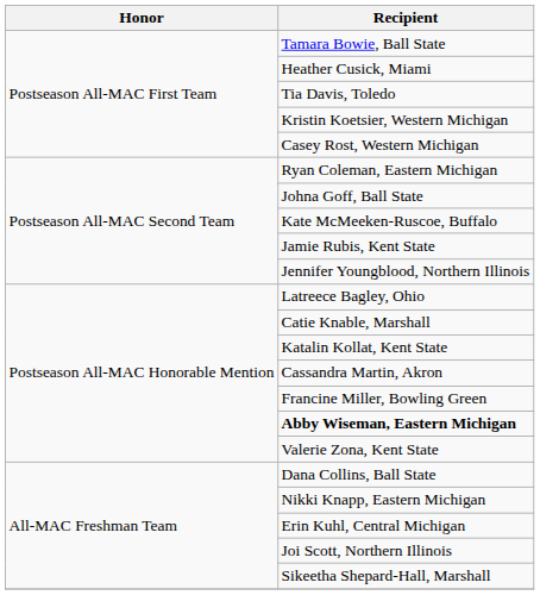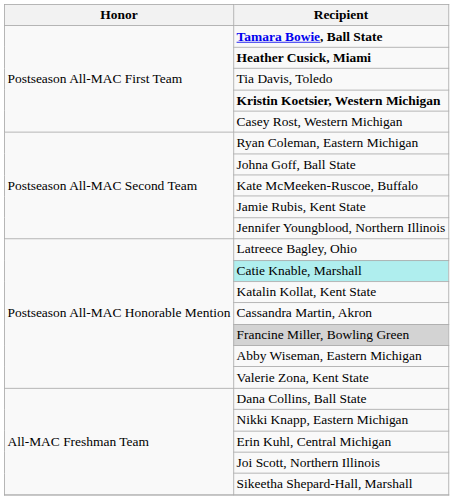 <table class="wikitable" border="1">
 <tr>
 <th>Honor</th>
 <th>Recipient</th>
 </tr>
 <tr>
 <td rowspan=5 valign=middle>Postseason All-MAC First Team</td>
-<td><a href='#'>Tamara Bowie</a>, Ball State</td>
+<td><strong><a href='#'>Tamara Bowie</a>, Ball State</strong></td>
 </tr>
 <tr>
-<td>Heather Cusick, Miami</td>
+<td><strong>Heather Cusick, Miami</strong></td>
 </tr>
 <tr>
 <td>Tia Davis, Toledo</td>
 </tr>
 <tr>
-<td>Kristin Koetsier, Western Michigan</td>
+<td><strong>Kristin Koetsier, Western Michigan</strong></td>
 </tr>
 <tr>
 <td>Casey Rost, Western Michigan</td>
 </tr>
 <tr>
 <td rowspan=5 valign=middle>Postseason All-MAC Second Team</td>
 <td>Ryan Coleman, Eastern Michigan</td>
 </tr>
 <tr>
 <td>Johna Goff, Ball State</td>
 </tr>
 <tr>
 <td>Kate McMeeken-Ruscoe, Buffalo</td>
 </tr>
 <tr>
 <td>Jamie Rubis, Kent State</td>
 </tr>
 <tr>
 <td>Jennifer Youngblood, Northern Illinois</td>
 </tr>
 <tr>
 <td rowspan=7 valign=middle>Postseason All-MAC Honorable Mention</td>
 <td>Latreece Bagley, Ohio</td>
 </tr>
 <tr>
-<td>Catie Knable, Marshall</td>
+<td style="background: paleturquoise;">Catie Knable, Marshall</td>
 </tr>
 <tr>
 <td>Katalin Kollat, Kent State</td>
 </tr>
 <tr>
 <td>Cassandra Martin, Akron</td>
 </tr>
 <tr>
-<td>Francine Miller, Bowling Green</td>
+<td style="background: lightgrey;">Francine Miller, Bowling Green</td>
 </tr>
 <tr>
-<td><strong>Abby Wiseman, Eastern Michigan</strong></td>
+<td>Abby Wiseman, Eastern Michigan</td>
 </tr>
 <tr>
 <td>Valerie Zona, Kent State</td>
 </tr>
 <tr>
 <td rowspan=5 valign=middle>All-MAC Freshman Team</td>
 <td>Dana Collins, Ball State</td>
 </tr>
 <tr>
 <td>Nikki Knapp, Eastern Michigan</td>
 </tr>
 <tr>
 <td>Erin Kuhl, Central Michigan</td>
 </tr>
 <tr>
 <td>Joi Scott, Northern Illinois</td>
 </tr>
 <tr>
 <td>Sikeetha Shepard-Hall, Marshall</td>
 </tr>
 <tr>
 </tr>
 </table>
